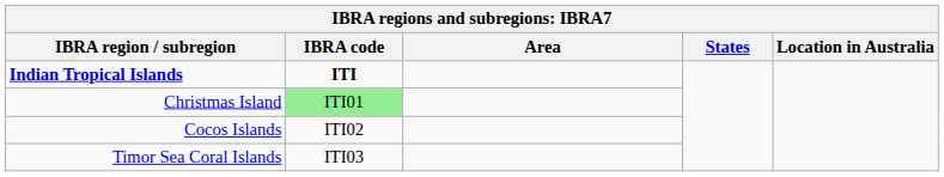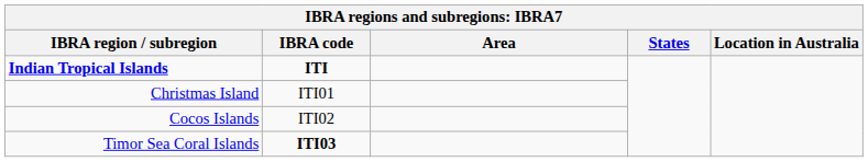 <table class="wikitable sortable">
 <tr>
 <th rowwidth=100px colspan=5>IBRA regions and subregions: IBRA7</th>
 </tr>
 <tr>
 <th scope="col" style="width:250px;">IBRA region / subregion</th>
 <th scope="col" style="width:100px;">IBRA code</th>
 <th scope="col" style="width:250px;">Area</th>
 <th scope="col" style="width:75px;"><a href='#'>States</a></th>
 <th>Location in Australia</th>
 </tr>
 <tr>
 <td><strong><a href='#'>Indian Tropical Islands</a></strong></td>
 <td style="text-align:center;"><strong>ITI</strong></td>
 <td align="right"><strong></strong></td>
 <td style="text-align:center;" rowspan="4"></td>
 <td style="text-align:center;" rowspan="4"></td>
 </tr>
 <tr>
 <td align="right"><a href='#'>Christmas Island</a></td>
-<td style="background: lightgreen; text-align:center;">ITI01</td>
+<td style="text-align:center;">ITI01</td>
 <td align="right"></td>
 </tr>
 <tr>
 <td align="right"><a href='#'>Cocos Islands</a></td>
 <td style="text-align:center;">ITI02</td>
 <td align="right"></td>
 </tr>
 <tr>
 <td align="right"><a href='#'>Timor Sea Coral Islands</a></td>
-<td style="text-align:center;">ITI03</td>
+<td style="text-align:center;"><strong>ITI03</strong></td>
 <td align="right"></td>
 </tr>
 </table>
